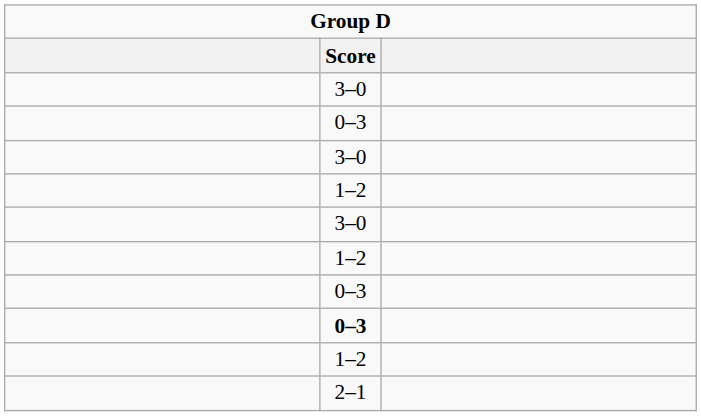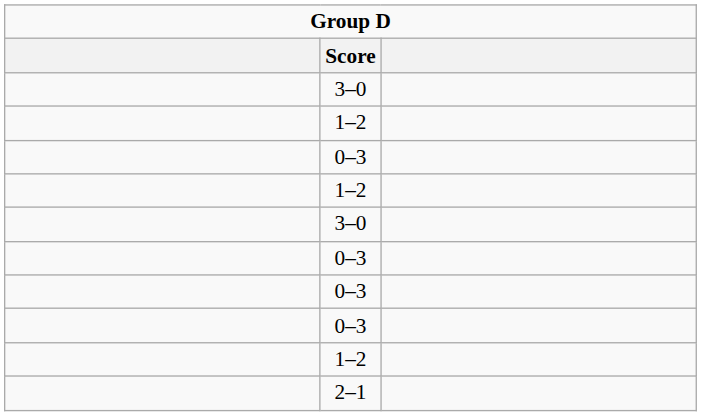 <table class="wikitable" style="text-align: center; display: inline-table;">
 <tr>
 <td colspan="3"><strong>Group D</strong></td>
 </tr>
 <tr>
 <th scope="col" style="width: 230px;"></th>
 <th scope="col" style="width: 30px;">Score</th>
 <th scope="col" style="width: 230px;"></th>
-</tr>
-<tr>
-<td></td>
-<td>3–0</td>
-<td></td>
-</tr>
-<tr>
-<td></td>
-<td>0–3</td>
-<td></td>
-</tr>
-<tr>
-<td></td>
-<td>3–0</td>
-<td></td>
-</tr>
-<tr>
-<td></td>
-<td>1–2</td>
-<td></td>
 </tr>
 <tr>
 <td></td>
 <td>3–0</td>
 <td></td>
 </tr>
 <tr>
 <td></td>
 <td>1–2</td>
 <td></td>
 </tr>
 <tr>
 <td></td>
 <td>0–3</td>
 <td></td>
 </tr>
 <tr>
 <td></td>
-<td><strong>0–3</strong></td>
+<td>1–2</td>
+<td></td>
+</tr>
+<tr>
+<td></td>
+<td>3–0</td>
+<td></td>
+</tr>
+<tr>
+<td></td>
+<td>0–3</td>
+<td></td>
+</tr>
+<tr>
+<td></td>
+<td>0–3</td>
+<td></td>
+</tr>
+<tr>
+<td></td>
+<td>0–3</td>
 <td></td>
 </tr>
 <tr>
 <td></td>
 <td>1–2</td>
 <td></td>
 </tr>
 <tr>
 <td></td>
 <td>2–1</td>
 <td></td>
 </tr>
 </table>
